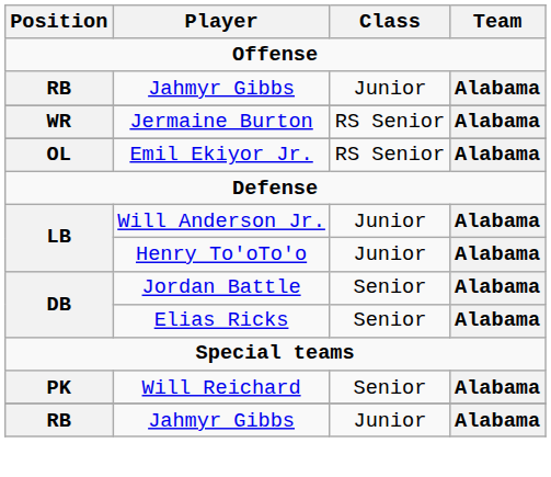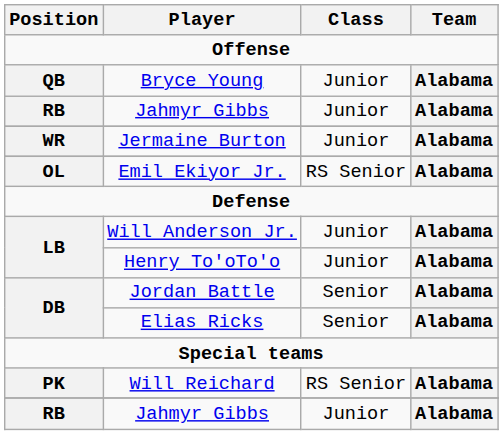 <table class="wikitable">
 <tr>
 <th>Position</th>
 <th>Player</th>
 <th>Class</th>
 <th>Team</th>
 </tr>
 <tr>
 <td colspan="4" style="text-align:center; "><strong>Offense</strong></td>
+</tr>
+<tr style="text-align:center;">
+<th rowspan="1">QB</th>
+<td><a href='#'>Bryce Young</a></td>
+<td>Junior</td>
+<th style=>Alabama</th>
 </tr>
 <tr style="text-align:center;">
 <th rowspan="1">RB</th>
 <td><a href='#'>Jahmyr Gibbs</a></td>
 <td>Junior</td>
 <th style=>Alabama</th>
 </tr>
 <tr>
 </tr>
 <tr style="text-align:center;">
 <th rowspan="1">WR</th>
 <td><a href='#'>Jermaine Burton</a></td>
-<td>RS Senior</td>
+<td>Junior</td>
 <th style=>Alabama</th>
 </tr>
 <tr>
 </tr>
 <tr style="text-align:center;">
 <th rowspan="1">OL</th>
 <td><a href='#'>Emil Ekiyor Jr.</a></td>
 <td>RS Senior</td>
 <th style=>Alabama</th>
 </tr>
 <tr>
 <td colspan="4" style="text-align:center; "><strong>Defense</strong></td>
 </tr>
 <tr style="text-align:center;">
 <th rowspan="2">LB</th>
 <td><a href='#'>Will Anderson Jr.</a></td>
 <td>Junior</td>
 <th style=>Alabama</th>
 </tr>
 <tr style="text-align:center;"=>
 <td><a href='#'>Henry To'oTo'o</a></td>
 <td>Junior</td>
 <th style=>Alabama</th>
 </tr>
 <tr style="text-align:center;">
 <th rowspan="2">DB</th>
 <td><a href='#'>Jordan Battle</a></td>
 <td>Senior</td>
 <th style=>Alabama</th>
 </tr>
 <tr style="text-align:center;">
 <td><a href='#'>Elias Ricks</a></td>
 <td>Senior</td>
 <th style=>Alabama</th>
 </tr>
 <tr>
 <td colspan="4" style="text-align:center; "><strong>Special teams</strong></td>
 </tr>
 <tr style="text-align:center;">
 <th rowspan="1">PK</th>
 <td><a href='#'>Will Reichard</a></td>
-<td>Senior</td>
+<td>RS Senior</td>
 <th style=>Alabama</th>
 </tr>
 <tr>
 </tr>
 <tr style="text-align:center;">
 <th rowspan="1">RB</th>
 <td><a href='#'>Jahmyr Gibbs</a></td>
 <td>Junior</td>
 <th style=>Alabama</th>
 </tr>
 </table>
